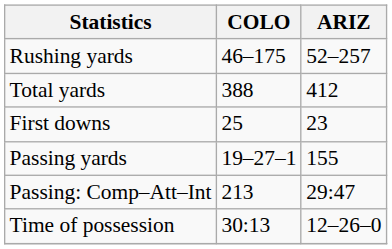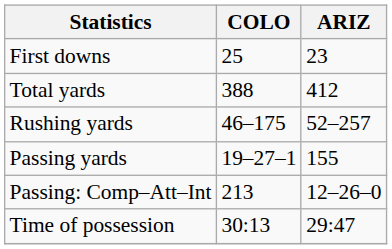 <table class="wikitable" style="float: left;">
 <tr>
 <th>Statistics</th>
 <th>COLO</th>
 <th>ARIZ</th>
 </tr>
 <tr>
-<td>Rushing yards</td>
-<td>46–175</td>
-<td>52–257</td>
+<td>First downs</td>
+<td>25</td>
+<td>23</td>
 </tr>
 <tr>
 <td>Total yards</td>
 <td>388</td>
 <td>412</td>
 </tr>
 <tr>
-<td>First downs</td>
-<td>25</td>
-<td>23</td>
+<td>Rushing yards</td>
+<td>46–175</td>
+<td>52–257</td>
 </tr>
 <tr>
 <td>Passing yards</td>
 <td>19–27–1</td>
 <td>155</td>
 </tr>
 <tr>
 <td>Passing: Comp–Att–Int</td>
 <td>213</td>
-<td>29:47</td>
+<td>12–26–0</td>
 </tr>
 <tr>
 <td>Time of possession</td>
 <td>30:13</td>
-<td>12–26–0</td>
+<td>29:47</td>
 </tr>
 <tr>
 </tr>
 </table>
